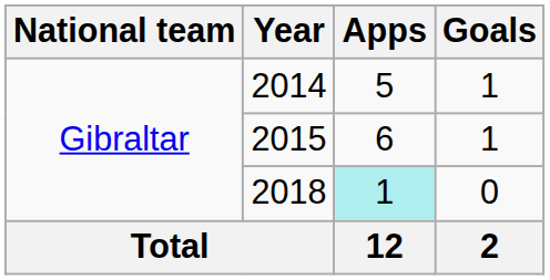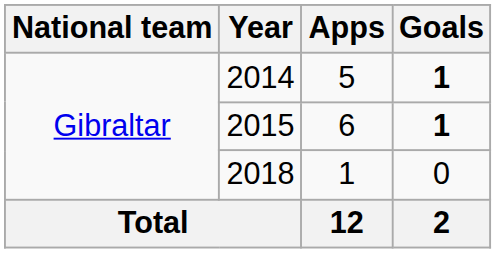 <table class="wikitable" style="text-align:center">
 <tr>
 <th>National team</th>
 <th>Year</th>
 <th>Apps</th>
 <th>Goals</th>
 </tr>
 <tr>
 <td rowspan="3"><a href='#'>Gibraltar</a></td>
 <td>2014</td>
 <td>5</td>
-<td>1</td>
+<td><strong>1</strong></td>
 </tr>
 <tr>
 <td>2015</td>
 <td>6</td>
-<td>1</td>
+<td><strong>1</strong></td>
 </tr>
 <tr>
 <td>2018</td>
-<td style="background: paleturquoise;">1</td>
+<td>1</td>
 <td>0</td>
 </tr>
 <tr>
 <th colspan="2">Total</th>
 <th>12</th>
 <th>2</th>
 </tr>
 </table>
